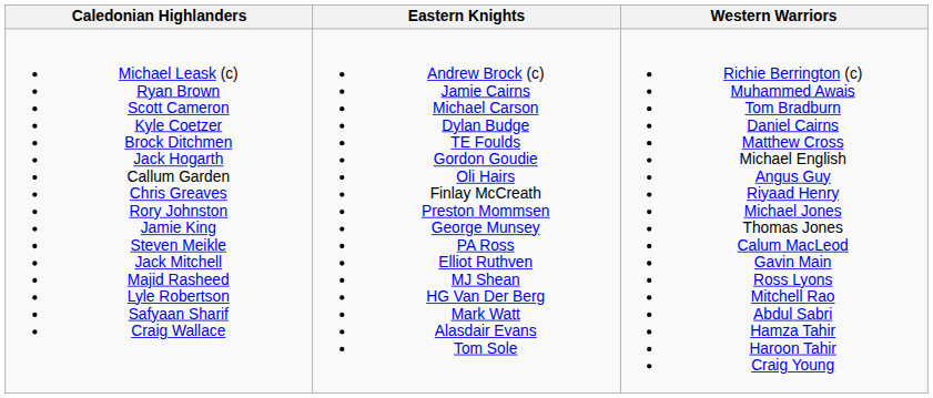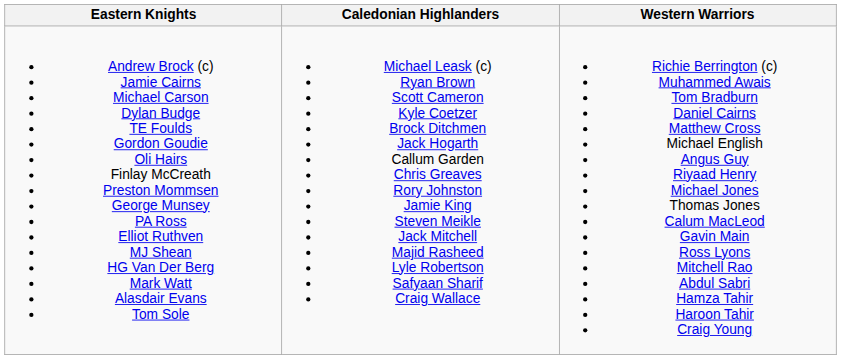 <table class="wikitable" style="text-align:center; margin:0 auto">
 <tr>
+<th style="width:20%;">Eastern Knights</th>
 <th style="width:20%;">Caledonian Highlanders</th>
-<th style="width:20%;">Eastern Knights</th>
 <th style="width:20%;">Western Warriors</th>
 </tr>
 <tr style="vertical-align:top">
+<td><br><ul><li><a href='#'>Andrew Brock</a> (c)</li><li><a href='#'>Jamie Cairns</a></li><li><a href='#'>Michael Carson</a></li><li><a href='#'>Dylan Budge</a></li><li><a href='#'>TE Foulds</a></li><li><a href='#'>Gordon Goudie</a></li><li><a href='#'>Oli Hairs</a></li><li>Finlay McCreath</li><li><a href='#'>Preston Mommsen</a></li><li><a href='#'>George Munsey</a></li><li><a href='#'>PA Ross</a></li><li><a href='#'>Elliot Ruthven</a></li><li><a href='#'>MJ Shean</a></li><li><a href='#'>HG Van Der Berg</a></li><li><a href='#'>Mark Watt</a></li><li><a href='#'>Alasdair Evans</a></li><li><a href='#'>Tom Sole</a></li></ul></td>
 <td><br><ul><li><a href='#'>Michael Leask</a> (c)</li><li><a href='#'>Ryan Brown</a></li><li><a href='#'>Scott Cameron</a></li><li><a href='#'>Kyle Coetzer</a></li><li><a href='#'>Brock Ditchmen</a></li><li><a href='#'>Jack Hogarth</a></li><li>Callum Garden</li><li><a href='#'>Chris Greaves</a></li><li><a href='#'>Rory Johnston</a></li><li><a href='#'>Jamie King</a></li><li><a href='#'>Steven Meikle</a></li><li><a href='#'>Jack Mitchell</a></li><li><a href='#'>Majid Rasheed</a></li><li><a href='#'>Lyle Robertson</a></li><li><a href='#'>Safyaan Sharif</a></li><li><a href='#'>Craig Wallace</a></li></ul></td>
-<td><br><ul><li><a href='#'>Andrew Brock</a> (c)</li><li><a href='#'>Jamie Cairns</a></li><li><a href='#'>Michael Carson</a></li><li><a href='#'>Dylan Budge</a></li><li><a href='#'>TE Foulds</a></li><li><a href='#'>Gordon Goudie</a></li><li><a href='#'>Oli Hairs</a></li><li>Finlay McCreath</li><li><a href='#'>Preston Mommsen</a></li><li><a href='#'>George Munsey</a></li><li><a href='#'>PA Ross</a></li><li><a href='#'>Elliot Ruthven</a></li><li><a href='#'>MJ Shean</a></li><li><a href='#'>HG Van Der Berg</a></li><li><a href='#'>Mark Watt</a></li><li><a href='#'>Alasdair Evans</a></li><li><a href='#'>Tom Sole</a></li></ul></td>
 <td><br><ul><li><a href='#'>Richie Berrington</a> (c)</li><li><a href='#'>Muhammed Awais</a></li><li><a href='#'>Tom Bradburn</a></li><li><a href='#'>Daniel Cairns</a></li><li><a href='#'>Matthew Cross</a></li><li>Michael English</li><li><a href='#'>Angus Guy</a></li><li><a href='#'>Riyaad Henry</a></li><li><a href='#'>Michael Jones</a></li><li>Thomas Jones</li><li><a href='#'>Calum MacLeod</a></li><li><a href='#'>Gavin Main</a></li><li><a href='#'>Ross Lyons</a></li><li><a href='#'>Mitchell Rao</a></li><li><a href='#'>Abdul Sabri</a></li><li><a href='#'>Hamza Tahir</a></li><li><a href='#'>Haroon Tahir</a></li><li><a href='#'>Craig Young</a></li></ul></td>
 </tr>
 </table>
